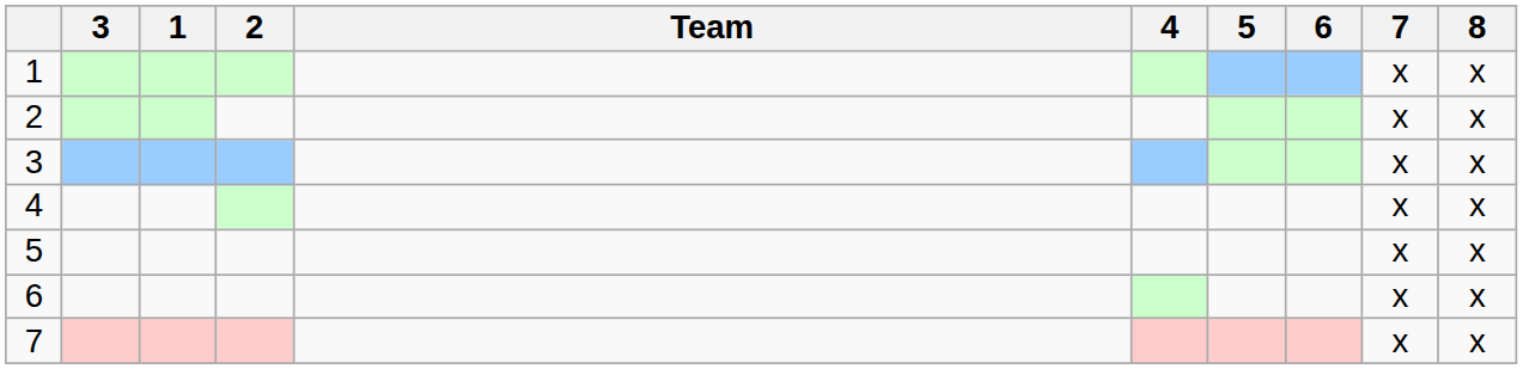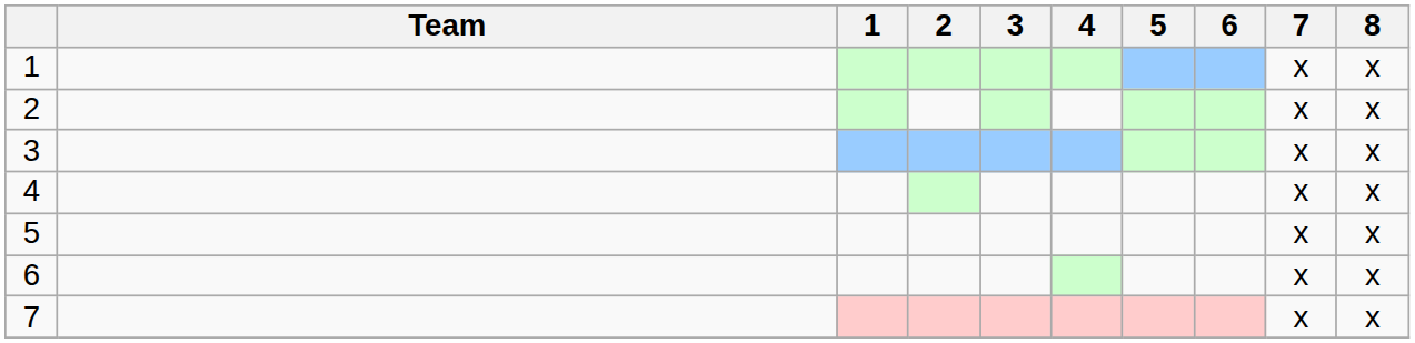 <table class="wikitable sortable" style="text-align:center; line-height: 90%;">
 <tr>
 <th width=20 abbr="Position"></th>
-<th width=30 abbr="Round 3">3</th>
+<th width=400px>Team</th>
 <th width=30 abbr="Round 1">1</th>
 <th width=30 abbr="Round 2">2</th>
-<th width=400px>Team</th>
+<th width=30 abbr="Round 3">3</th>
 <th width=30 abbr="Round 4">4</th>
 <th width=30 abbr="Round 5">5</th>
 <th width=30 abbr="Round 6">6</th>
 <th width=30 abbr="Round 7">7</th>
 <th width=30 abbr="Round 8">8</th>
 </tr>
 <tr>
 <td>1</td>
+<td style="text-align:left"></td>
 <td style="background:#ccffcc;"></td>
 <td style="background:#ccffcc;"></td>
 <td style="background:#ccffcc;"></td>
-<td style="text-align:left"></td>
 <td style="background:#ccffcc;"></td>
 <td style="background:#99ccff;"></td>
 <td style="background:#99ccff;"></td>
 <td>x</td>
 <td>x</td>
 </tr>
 <tr>
 <td>2</td>
-<td style="background:#ccffcc;"></td>
+<td style="text-align:left"></td>
 <td style="background:#ccffcc;"></td>
 <td></td>
-<td style="text-align:left"></td>
+<td style="background:#ccffcc;"></td>
 <td></td>
 <td style="background:#ccffcc;"></td>
 <td style="background:#ccffcc;"></td>
 <td>x</td>
 <td>x</td>
 </tr>
 <tr>
 <td>3</td>
+<td style="text-align:left"></td>
 <td style="background:#99ccff;"></td>
 <td style="background:#99ccff;"></td>
 <td style="background:#99ccff;"></td>
-<td style="text-align:left"></td>
 <td style="background:#99ccff;"></td>
 <td style="background:#ccffcc;"></td>
 <td style="background:#ccffcc;"></td>
 <td>x</td>
 <td>x</td>
 </tr>
 <tr>
 <td>4</td>
-<td></td>
+<td style="text-align:left"></td>
 <td></td>
 <td style="background:#ccffcc;"></td>
-<td style="text-align:left"></td>
+<td></td>
 <td></td>
 <td></td>
 <td></td>
 <td>x</td>
 <td>x</td>
 </tr>
 <tr>
 <td>5</td>
+<td style="text-align:left"></td>
 <td></td>
 <td></td>
 <td></td>
-<td style="text-align:left"></td>
 <td></td>
 <td></td>
 <td></td>
 <td>x</td>
 <td>x</td>
 </tr>
 <tr>
 <td>6</td>
+<td style="text-align:left"></td>
 <td></td>
 <td></td>
 <td></td>
-<td style="text-align:left"></td>
 <td style="background:#ccffcc;"></td>
 <td></td>
 <td></td>
 <td>x</td>
 <td>x</td>
 </tr>
 <tr>
 <td>7</td>
+<td style="text-align:left"></td>
 <td style="background:#ffcccc;"></td>
 <td style="background:#ffcccc;"></td>
 <td style="background:#ffcccc;"></td>
-<td style="text-align:left"></td>
 <td style="background:#ffcccc;"></td>
 <td style="background:#ffcccc;"></td>
 <td style="background:#ffcccc;"></td>
 <td>x</td>
 <td>x</td>
 </tr>
 </table>
